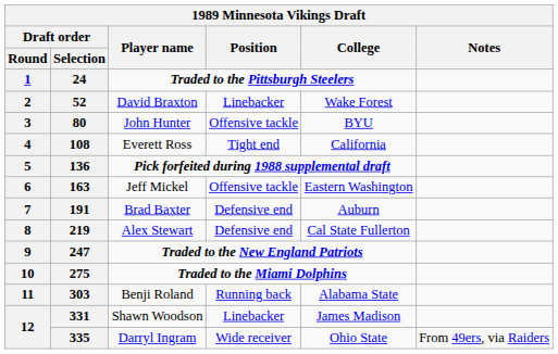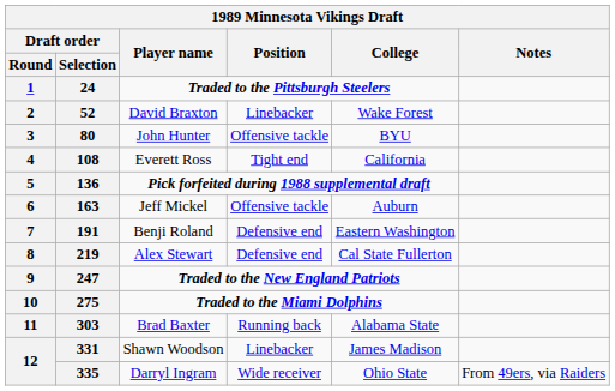 <table class="wikitable" style="text-align:center">
 <tr>
 <th colspan="6">1989 Minnesota Vikings Draft</th>
 </tr>
 <tr>
 <th colspan="2">Draft order</th>
 <th rowspan="2">Player name</th>
 <th rowspan="2">Position</th>
 <th rowspan="2">College</th>
 <th rowspan="2">Notes</th>
 </tr>
 <tr>
 <th>Round</th>
 <th>Selection</th>
 </tr>
 <tr>
 <th><a href='#'>1</a></th>
 <th>24</th>
 <td colspan="3"><strong><em>Traded to the <a href='#'>Pittsburgh Steelers</a></em></strong></td>
 <td></td>
 </tr>
 <tr>
 <th>2</th>
 <th>52</th>
 <td><a href='#'>David Braxton</a></td>
 <td><a href='#'>Linebacker</a></td>
 <td><a href='#'>Wake Forest</a></td>
 <td></td>
 </tr>
 <tr>
 <th>3</th>
 <th>80</th>
 <td><a href='#'>John Hunter</a></td>
 <td><a href='#'>Offensive tackle</a></td>
 <td><a href='#'>BYU</a></td>
 <td></td>
 </tr>
 <tr>
 <th>4</th>
 <th>108</th>
 <td>Everett Ross</td>
 <td><a href='#'>Tight end</a></td>
 <td><a href='#'>California</a></td>
 <td></td>
 </tr>
 <tr>
 <th>5</th>
 <th>136</th>
 <td colspan="3"><strong><em>Pick forfeited during <a href='#'>1988 supplemental draft</a></em></strong></td>
 <td></td>
 </tr>
 <tr>
 <th>6</th>
 <th>163</th>
 <td>Jeff Mickel</td>
 <td><a href='#'>Offensive tackle</a></td>
-<td><a href='#'>Eastern Washington</a></td>
+<td><a href='#'>Auburn</a></td>
 <td></td>
 </tr>
 <tr>
 <th>7</th>
 <th>191</th>
-<td><a href='#'>Brad Baxter</a></td>
+<td>Benji Roland</td>
 <td><a href='#'>Defensive end</a></td>
-<td><a href='#'>Auburn</a></td>
+<td><a href='#'>Eastern Washington</a></td>
 <td></td>
 </tr>
 <tr>
 <th>8</th>
 <th>219</th>
 <td><a href='#'>Alex Stewart</a></td>
 <td><a href='#'>Defensive end</a></td>
 <td><a href='#'>Cal State Fullerton</a></td>
 <td></td>
 </tr>
 <tr>
 <th>9</th>
 <th>247</th>
 <td colspan="3"><strong><em>Traded to the <a href='#'>New England Patriots</a></em></strong></td>
 <td></td>
 </tr>
 <tr>
 <th>10</th>
 <th>275</th>
 <td colspan="3"><strong><em>Traded to the <a href='#'>Miami Dolphins</a></em></strong></td>
 <td></td>
 </tr>
 <tr>
 <th>11</th>
 <th>303</th>
-<td>Benji Roland</td>
+<td><a href='#'>Brad Baxter</a></td>
 <td><a href='#'>Running back</a></td>
 <td><a href='#'>Alabama State</a></td>
 <td></td>
 </tr>
 <tr>
 <th rowspan="2">12</th>
 <th>331</th>
 <td>Shawn Woodson</td>
 <td><a href='#'>Linebacker</a></td>
 <td><a href='#'>James Madison</a></td>
 <td></td>
 </tr>
 <tr>
 <th>335</th>
 <td><a href='#'>Darryl Ingram</a></td>
 <td><a href='#'>Wide receiver</a></td>
 <td><a href='#'>Ohio State</a></td>
 <td>From <a href='#'>49ers</a>, via <a href='#'>Raiders</a></td>
 </tr>
 </table>
